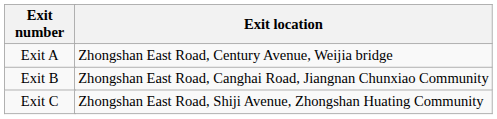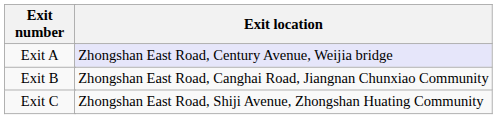 <table class="wikitable">
 <tr>
 <th style="width:70px" colspan="2">Exit number</th>
 <th>Exit location</th>
 </tr>
 <tr>
 <td align="center" colspan="2">Exit A </td>
-<td>Zhongshan East Road, Century Avenue, Weijia bridge</td>
+<td style="background: lavender;">Zhongshan East Road, Century Avenue, Weijia bridge</td>
 </tr>
 <tr>
 <td align="center" colspan="2">Exit B</td>
 <td>Zhongshan East Road, Canghai Road, Jiangnan Chunxiao Community</td>
 </tr>
 <tr>
 <td align="center" colspan="2">Exit C</td>
 <td>Zhongshan East Road, Shiji Avenue, Zhongshan Huating Community</td>
 </tr>
 </table>
